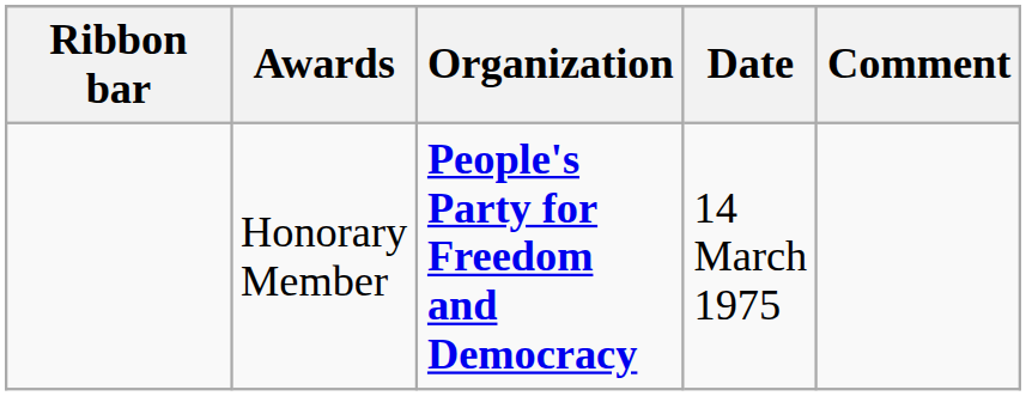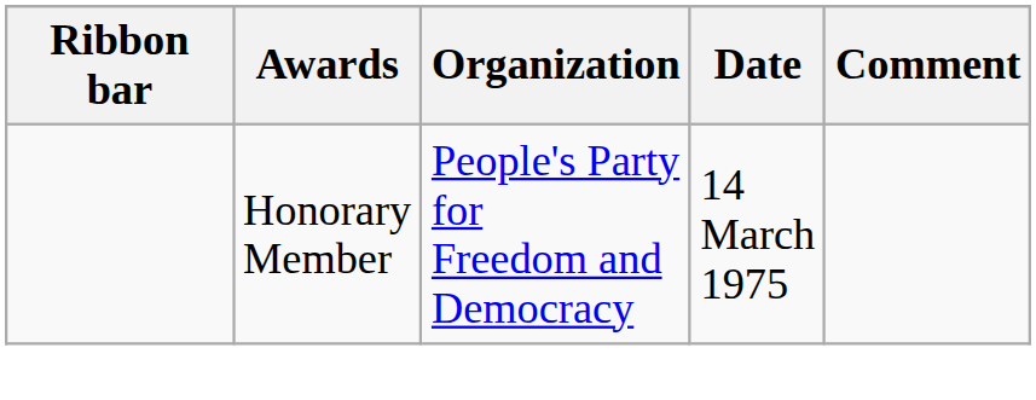 <table class="wikitable" style="width:60%;">
 <tr style="background:#ccf; text-align:center;">
 </tr>
 <tr>
 <th style="width:80px;">Ribbon bar</th>
 <th>Awards</th>
 <th>Organization</th>
 <th>Date</th>
 <th>Comment</th>
 </tr>
 <tr>
 <td></td>
 <td>Honorary Member</td>
-<td><strong><a href='#'>People's Party for <br> Freedom and Democracy</a></strong></td>
+<td><a href='#'>People's Party for <br> Freedom and Democracy</a></td>
 <td>14 March 1975</td>
 <td></td>
 </tr>
 </table>
